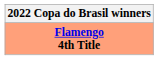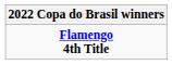 <table class="wikitable" style="text-align: center; margin: 0 auto;">
 <tr>
 <th>2022 Copa do Brasil winners</th>
 </tr>
 <tr>
-<td style="background: lightsalmon;"><strong><a href='#'>Flamengo</a></strong><br><strong>4th Title</strong></td>
+<td><strong><a href='#'>Flamengo</a></strong><br><strong>4th Title</strong></td>
 </tr>
 </table>
